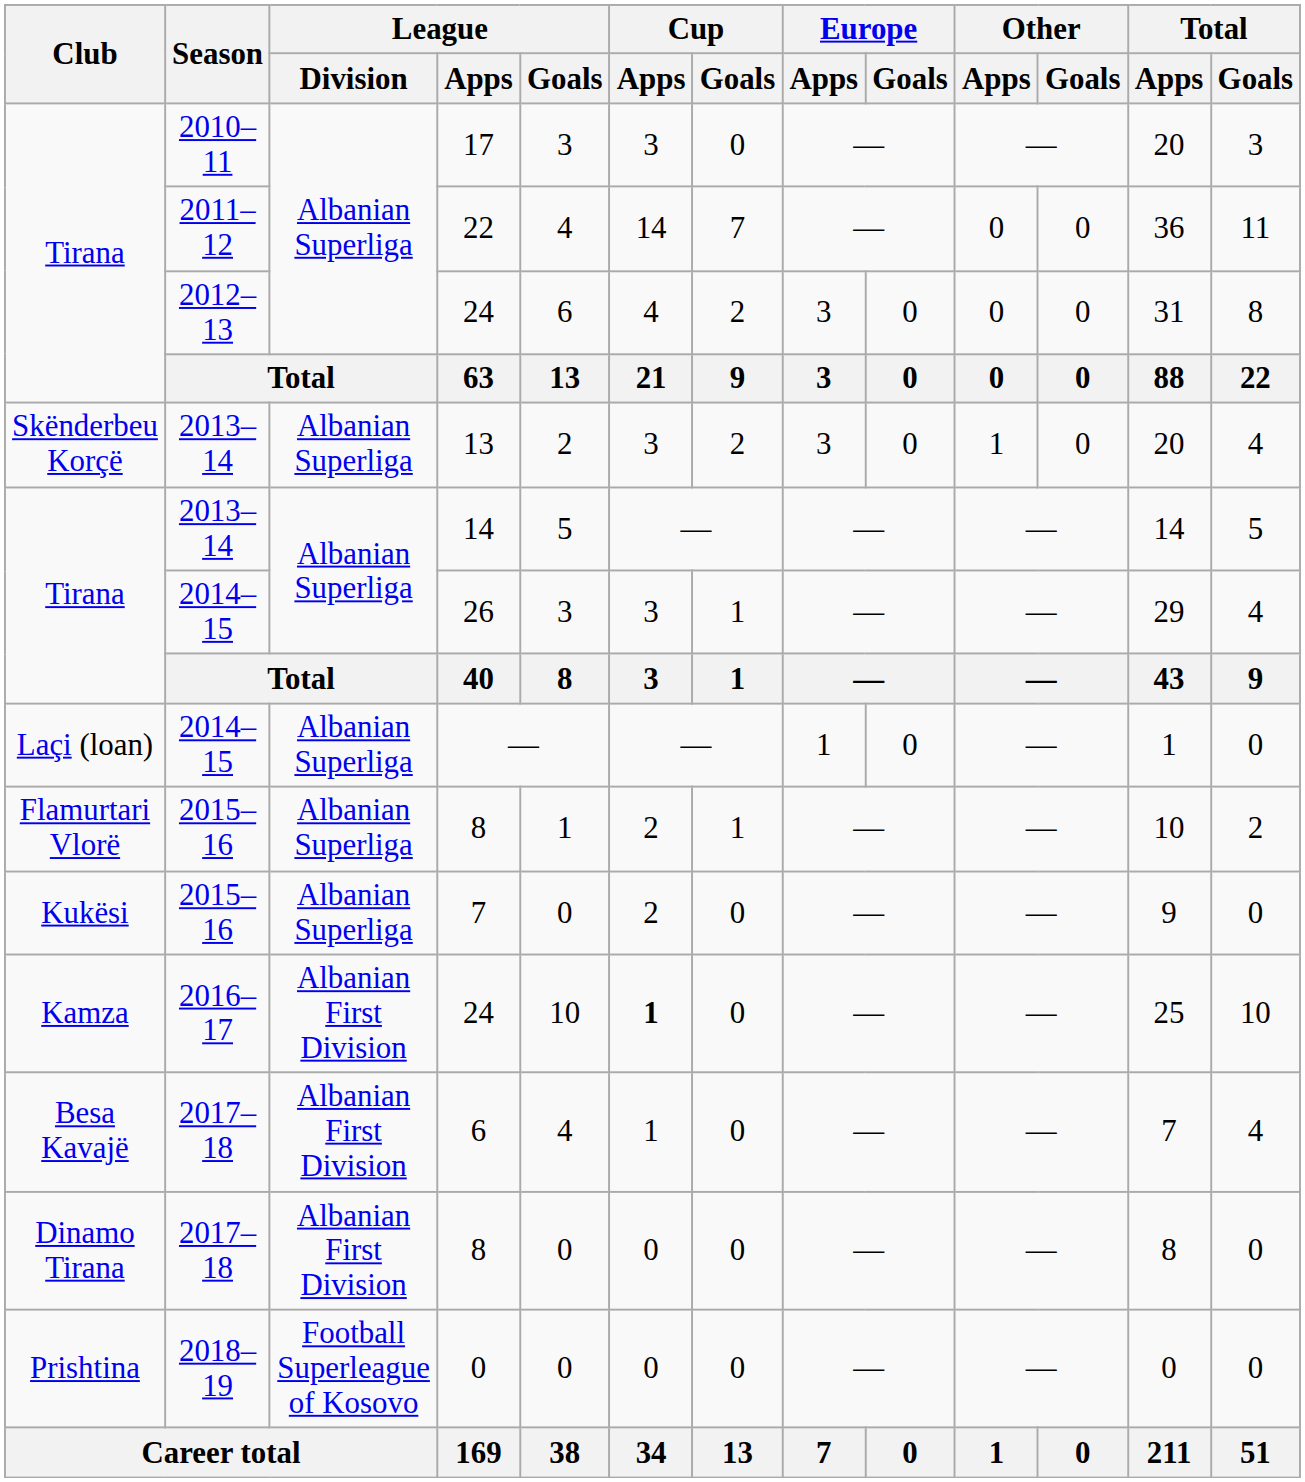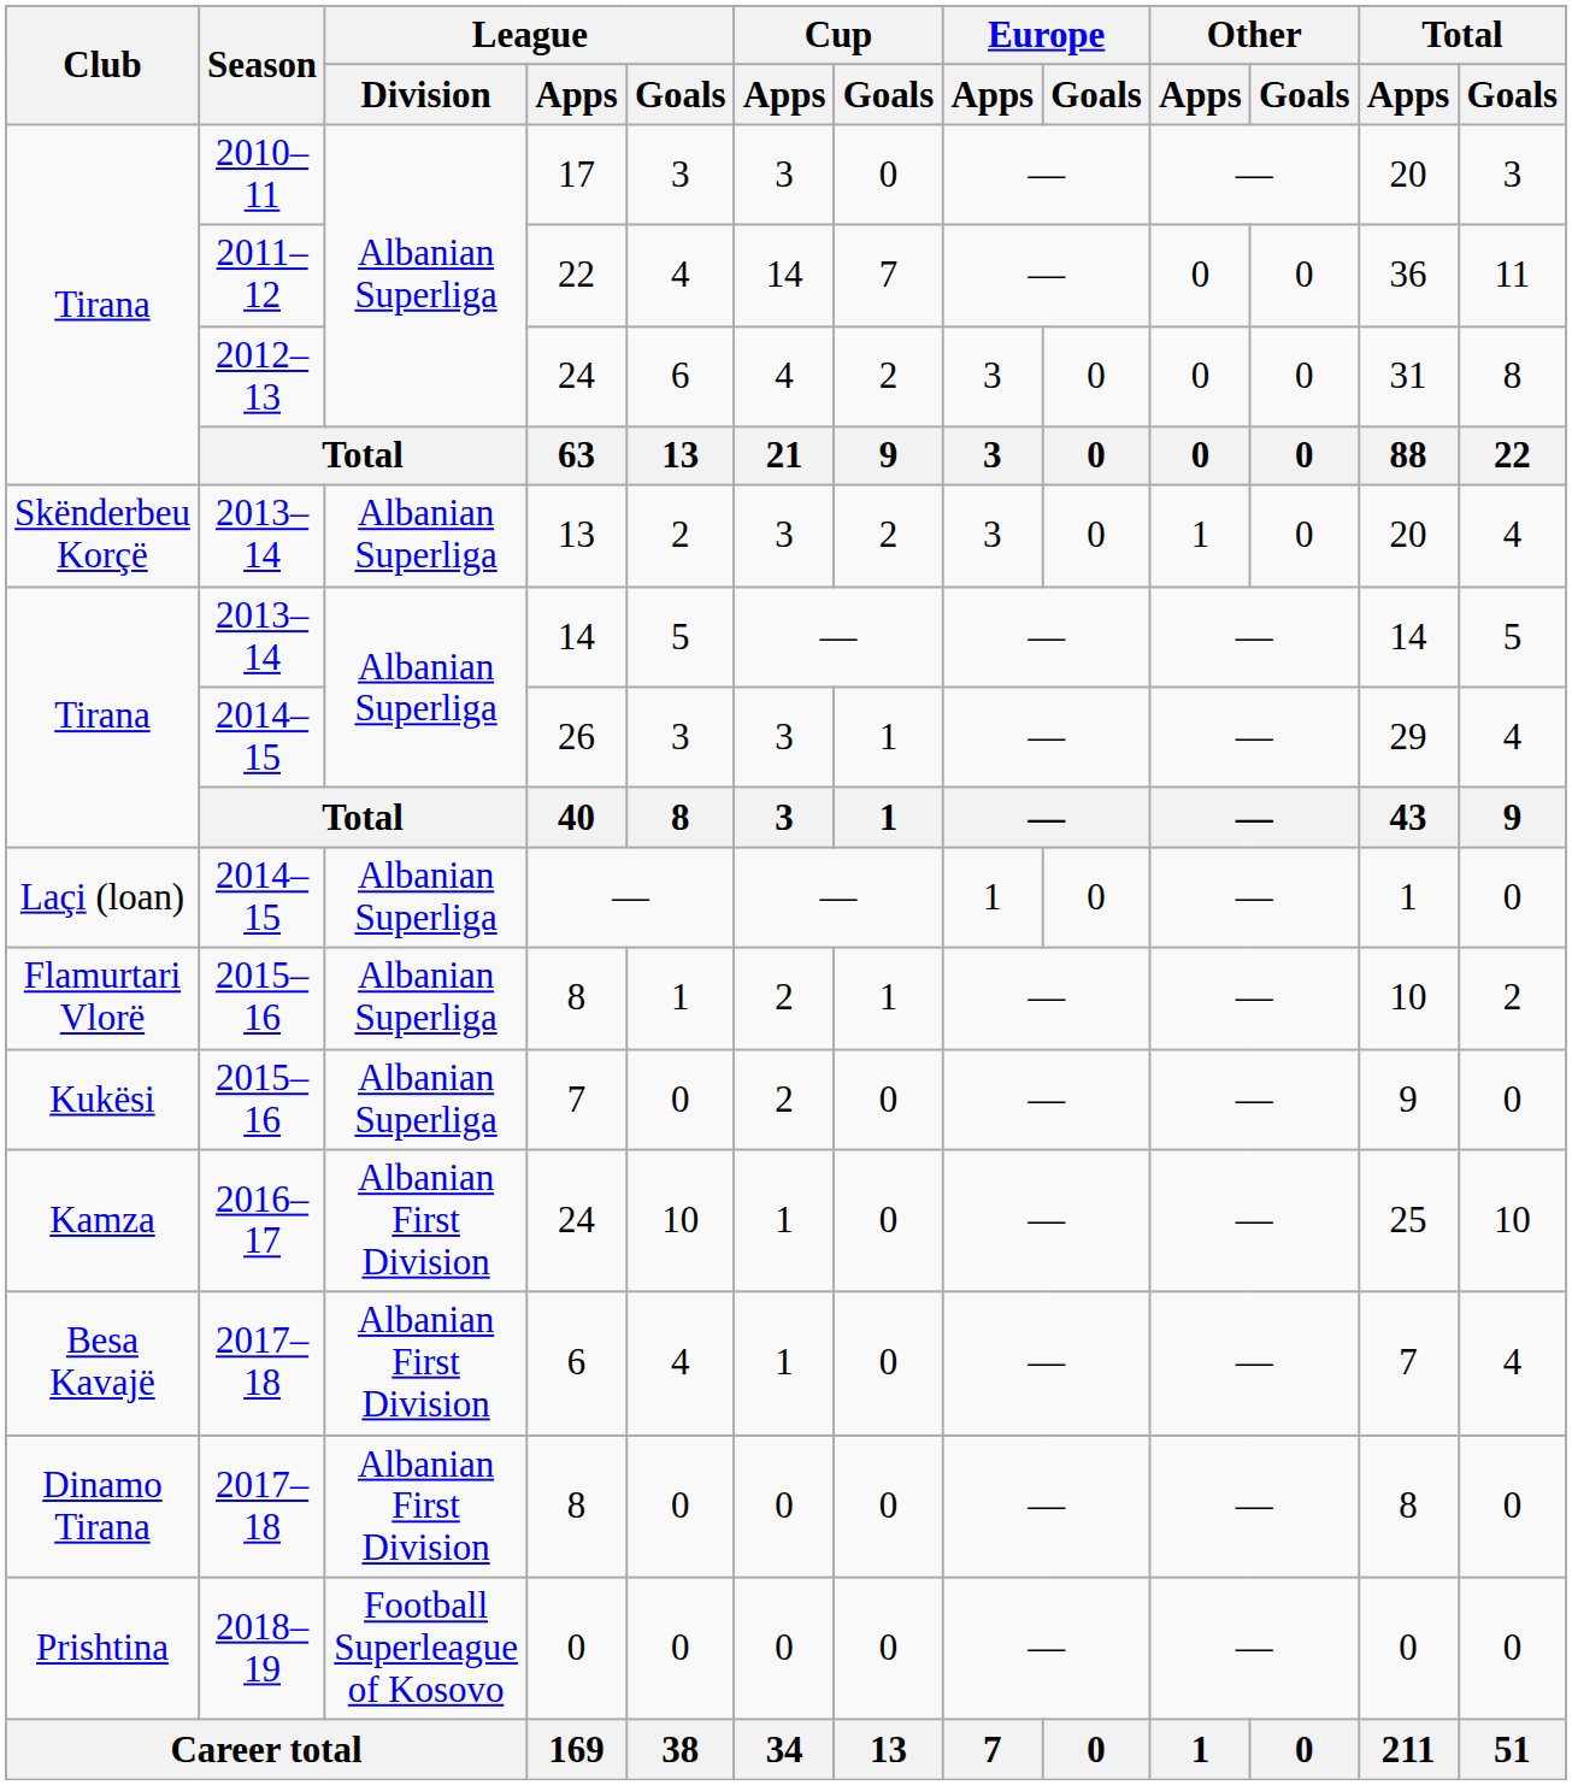 <table class="wikitable" style="text-align:center;">
 <tr>
 <th rowspan="2">Club</th>
 <th rowspan="2">Season</th>
 <th colspan="3">League</th>
 <th colspan="2">Cup</th>
 <th colspan="2"><a href='#'>Europe</a></th>
 <th colspan="2">Other</th>
 <th colspan="2">Total</th>
 </tr>
 <tr>
 <th>Division</th>
 <th>Apps</th>
 <th>Goals</th>
 <th>Apps</th>
 <th>Goals</th>
 <th>Apps</th>
 <th>Goals</th>
 <th>Apps</th>
 <th>Goals</th>
 <th>Apps</th>
 <th>Goals</th>
 </tr>
 <tr>
 <td rowspan="4" valign="center"><a href='#'>Tirana</a></td>
 <td><a href='#'>2010–11</a></td>
 <td rowspan=3><a href='#'>Albanian Superliga</a></td>
 <td>17</td>
 <td>3</td>
 <td>3</td>
 <td>0</td>
 <td colspan="2">—</td>
 <td colspan="2">—</td>
 <td>20</td>
 <td>3</td>
 </tr>
 <tr>
 <td><a href='#'>2011–12</a></td>
 <td>22</td>
 <td>4</td>
 <td>14</td>
 <td>7</td>
 <td colspan="2">—</td>
 <td>0</td>
 <td>0</td>
 <td>36</td>
 <td>11</td>
 </tr>
 <tr>
 <td><a href='#'>2012–13</a></td>
 <td>24</td>
 <td>6</td>
 <td>4</td>
 <td>2</td>
 <td>3</td>
 <td>0</td>
 <td>0</td>
 <td>0</td>
 <td>31</td>
 <td>8</td>
 </tr>
 <tr>
 <th colspan="2">Total</th>
 <th>63</th>
 <th>13</th>
 <th>21</th>
 <th>9</th>
 <th>3</th>
 <th>0</th>
 <th>0</th>
 <th>0</th>
 <th>88</th>
 <th>22</th>
 </tr>
 <tr>
 <td rowspan=1><a href='#'>Skënderbeu Korçë</a></td>
 <td><a href='#'>2013–14</a></td>
 <td rowspan=1><a href='#'>Albanian Superliga</a></td>
 <td>13</td>
 <td>2</td>
 <td>3</td>
 <td>2</td>
 <td>3</td>
 <td>0</td>
 <td>1</td>
 <td>0</td>
 <td>20</td>
 <td>4</td>
 </tr>
 <tr>
 <td rowspan="3" valign="center"><a href='#'>Tirana</a></td>
 <td><a href='#'>2013–14</a></td>
 <td rowspan=2><a href='#'>Albanian Superliga</a></td>
 <td>14</td>
 <td>5</td>
 <td colspan="2">—</td>
 <td colspan="2">—</td>
 <td colspan="2">—</td>
 <td>14</td>
 <td>5</td>
 </tr>
 <tr>
 <td><a href='#'>2014–15</a></td>
 <td>26</td>
 <td>3</td>
 <td>3</td>
 <td>1</td>
 <td colspan="2">—</td>
 <td colspan="2">—</td>
 <td>29</td>
 <td>4</td>
 </tr>
 <tr>
 <th colspan="2">Total</th>
 <th>40</th>
 <th>8</th>
 <th>3</th>
 <th>1</th>
 <th colspan="2">—</th>
 <th colspan="2">—</th>
 <th>43</th>
 <th>9</th>
 </tr>
 <tr>
 <td rowspan=1><a href='#'>Laçi</a> (loan)</td>
 <td><a href='#'>2014–15</a></td>
 <td rowspan=1><a href='#'>Albanian Superliga</a></td>
 <td colspan="2">—</td>
 <td colspan="2">—</td>
 <td>1</td>
 <td>0</td>
 <td colspan="2">—</td>
 <td>1</td>
 <td>0</td>
 </tr>
 <tr>
 <td rowspan=1><a href='#'>Flamurtari Vlorë</a></td>
 <td><a href='#'>2015–16</a></td>
 <td rowspan=1><a href='#'>Albanian Superliga</a></td>
 <td>8</td>
 <td>1</td>
 <td>2</td>
 <td>1</td>
 <td colspan="2">—</td>
 <td colspan="2">—</td>
 <td>10</td>
 <td>2</td>
 </tr>
 <tr>
 <td rowspan=1><a href='#'>Kukësi</a></td>
 <td><a href='#'>2015–16</a></td>
 <td rowspan=1><a href='#'>Albanian Superliga</a></td>
 <td>7</td>
 <td>0</td>
 <td>2</td>
 <td>0</td>
 <td colspan="2">—</td>
 <td colspan="2">—</td>
 <td>9</td>
 <td>0</td>
 </tr>
 <tr>
 <td rowspan=1><a href='#'>Kamza</a></td>
 <td><a href='#'>2016–17</a></td>
 <td rowspan=1><a href='#'>Albanian First Division</a></td>
 <td>24</td>
 <td>10</td>
-<td><strong>1</strong></td>
+<td>1</td>
 <td>0</td>
 <td colspan="2">—</td>
 <td colspan="2">—</td>
 <td>25</td>
 <td>10</td>
 </tr>
 <tr>
 <td rowspan=1><a href='#'>Besa Kavajë</a></td>
 <td><a href='#'>2017–18</a></td>
 <td rowspan=1><a href='#'>Albanian First Division</a></td>
 <td>6</td>
 <td>4</td>
 <td>1</td>
 <td>0</td>
 <td colspan="2">—</td>
 <td colspan="2">—</td>
 <td>7</td>
 <td>4</td>
 </tr>
 <tr>
 <td rowspan=1><a href='#'>Dinamo Tirana</a></td>
 <td><a href='#'>2017–18</a></td>
 <td rowspan=1><a href='#'>Albanian First Division</a></td>
 <td>8</td>
 <td>0</td>
 <td>0</td>
 <td>0</td>
 <td colspan="2">—</td>
 <td colspan="2">—</td>
 <td>8</td>
 <td>0</td>
 </tr>
 <tr>
 <td rowspan=1><a href='#'>Prishtina</a></td>
 <td><a href='#'>2018–19</a></td>
 <td rowspan=1><a href='#'>Football Superleague of Kosovo</a></td>
 <td>0</td>
 <td>0</td>
 <td>0</td>
 <td>0</td>
 <td colspan="2">—</td>
 <td colspan="2">—</td>
 <td>0</td>
 <td>0</td>
 </tr>
 <tr>
 <th colspan="3">Career total</th>
 <th>169</th>
 <th>38</th>
 <th>34</th>
 <th>13</th>
 <th>7</th>
 <th>0</th>
 <th>1</th>
 <th>0</th>
 <th>211</th>
 <th>51</th>
 </tr>
 </table>
